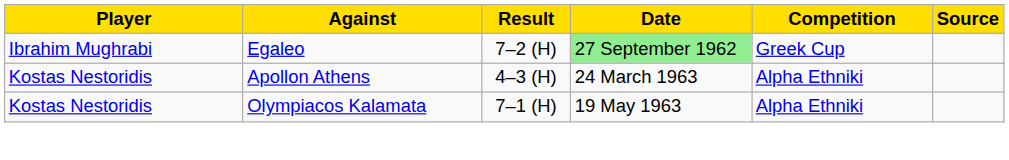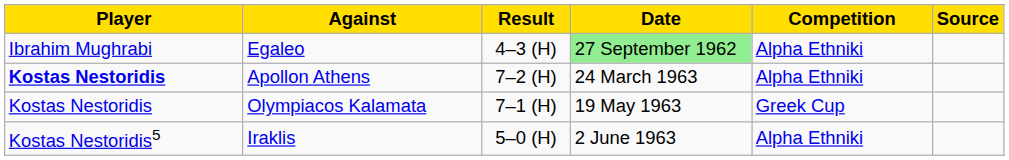 <table class="wikitable">
 <tr>
 <th width=200 style="background:#FFDE00">Player</th>
 <th width=200 style="background:#FFDE00">Against</th>
 <th width=70 style="background:#FFDE00">Result</th>
 <th width=150 style="background:#FFDE00">Date</th>
 <th width=150 style="background:#FFDE00">Competition</th>
 <th style="background:#FFDE00">Source</th>
 </tr>
 <tr>
 <td> <a href='#'>Ibrahim Mughrabi</a></td>
 <td> <a href='#'>Egaleo</a></td>
-<td align=center>7–2 (H)</td>
+<td align=center>4–3 (H)</td>
 <td style="background: lightgreen;">27 September 1962</td>
-<td><a href='#'>Greek Cup</a></td>
+<td><a href='#'>Alpha Ethniki</a></td>
 <td align=center></td>
 </tr>
 <tr>
-<td> <a href='#'>Kostas Nestoridis</a></td>
+<td><strong> <a href='#'>Kostas Nestoridis</a></strong></td>
 <td> <a href='#'>Apollon Athens</a></td>
-<td align=center>4–3 (H)</td>
+<td align=center>7–2 (H)</td>
 <td>24 March 1963</td>
 <td><a href='#'>Alpha Ethniki</a></td>
 <td align=center></td>
 </tr>
 <tr>
 <td> <a href='#'>Kostas Nestoridis</a></td>
 <td> <a href='#'>Olympiacos Kalamata</a></td>
 <td align=center>7–1 (H)</td>
 <td>19 May 1963</td>
+<td><a href='#'>Greek Cup</a></td>
+<td align=center></td>
+</tr>
+<tr>
+<td> <a href='#'>Kostas Nestoridis</a><sup>5</sup></td>
+<td> <a href='#'>Iraklis</a></td>
+<td align=center>5–0 (H)</td>
+<td>2 June 1963</td>
 <td><a href='#'>Alpha Ethniki</a></td>
 <td align=center></td>
 </tr>
 </table>
